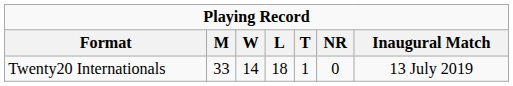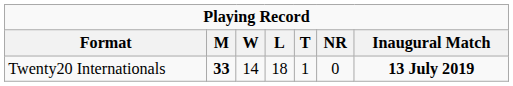 <table class="wikitable" style="text-align: center; width: 500px;">
 <tr>
 <td colspan=7 align="center"><strong>Playing Record</strong></td>
 </tr>
 <tr>
 <th>Format</th>
 <th>M</th>
 <th>W</th>
 <th>L</th>
 <th>T</th>
 <th>NR</th>
 <th>Inaugural Match</th>
 </tr>
 <tr>
 <td align="left">Twenty20 Internationals</td>
-<td>33</td>
+<td><strong>33</strong></td>
 <td>14</td>
 <td>18</td>
 <td>1</td>
 <td>0</td>
-<td>13 July 2019</td>
+<td><strong>13 July 2019</strong></td>
 </tr>
 </table>
